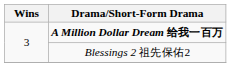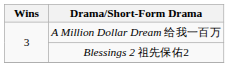 <table class="wikitable plainrowheaders" style="text-align: center">
 <tr>
 <th scope="col" style="width:55px;" style="background-color:#EEDD82	;">Wins</th>
 <th scope="col" style="text-align:center;" style="background-color:#EEDD82	;">Drama/Short-Form Drama</th>
 </tr>
 <tr>
 <td rowspan=2 scope=row style="text-align:center">3</td>
-<td><strong><em>A Million Dollar Dream</em> 给我一百万</strong></td>
+<td><em>A Million Dollar Dream</em> 给我一百万</td>
 </tr>
 <tr>
 <td><em>Blessings 2</em> 祖先保佑2</td>
 </tr>
 <tr>
 </tr>
 </table>
